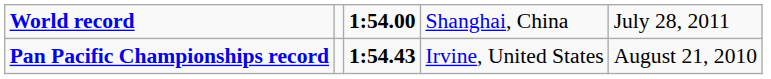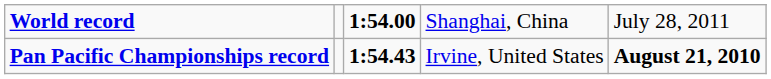 <table class="wikitable">
 <tr>
 <td><strong><a href='#'>World record</a></strong></td>
 <td></td>
 <td><strong>1:54.00</strong></td>
 <td><a href='#'>Shanghai</a>, China</td>
 <td>July 28, 2011</td>
 </tr>
 <tr>
 <td><strong><a href='#'>Pan Pacific Championships record</a></strong></td>
 <td></td>
 <td><strong>1:54.43</strong></td>
 <td><a href='#'>Irvine</a>, United States</td>
-<td>August 21, 2010</td>
+<td><strong>August 21, 2010</strong></td>
 </tr>
 </table>
